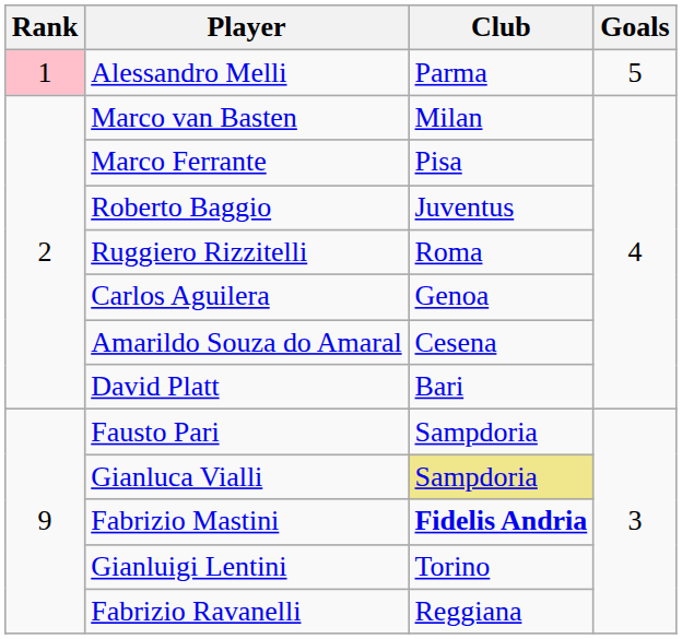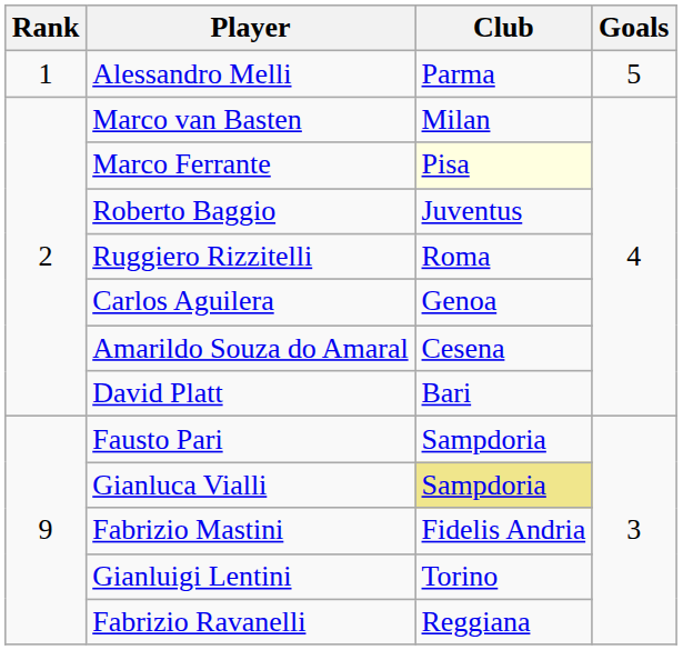 <table class="wikitable sortable" style="text-align:center">
 <tr>
 <th>Rank</th>
 <th>Player</th>
 <th>Club</th>
 <th>Goals</th>
 </tr>
 <tr>
-<td style="background: pink;">1</td>
+<td>1</td>
 <td align="left"><strong></strong> <a href='#'>Alessandro Melli</a></td>
 <td align="left"><a href='#'>Parma</a></td>
 <td>5</td>
 </tr>
 <tr>
 <td rowspan="7">2</td>
 <td align="left"><strong></strong> <a href='#'>Marco van Basten</a></td>
 <td align="left"><a href='#'>Milan</a></td>
 <td rowspan="7">4</td>
 </tr>
 <tr>
 <td align="left"><strong></strong> <a href='#'>Marco Ferrante</a></td>
-<td align="left"><a href='#'>Pisa</a></td>
+<td align="left" style="background: lightyellow;"><a href='#'>Pisa</a></td>
 </tr>
 <tr>
 <td align="left"><strong></strong> <a href='#'>Roberto Baggio</a></td>
 <td align="left"><a href='#'>Juventus</a></td>
 </tr>
 <tr>
 <td align="left"><strong></strong> <a href='#'>Ruggiero Rizzitelli</a></td>
 <td align="left"><a href='#'>Roma</a></td>
 </tr>
 <tr>
 <td align="left"><strong></strong> <a href='#'>Carlos Aguilera</a></td>
 <td align="left"><a href='#'>Genoa</a></td>
 </tr>
 <tr>
 <td align="left"><strong></strong> <a href='#'>Amarildo Souza do Amaral</a></td>
 <td align="left"><a href='#'>Cesena</a></td>
 </tr>
 <tr>
 <td align="left"><strong></strong> <a href='#'>David Platt</a></td>
 <td align="left"><a href='#'>Bari</a></td>
 </tr>
 <tr>
 <td rowspan="5">9</td>
 <td align="left"><strong></strong> <a href='#'>Fausto Pari</a></td>
 <td align="left"><a href='#'>Sampdoria</a></td>
 <td rowspan="5">3</td>
 </tr>
 <tr>
 <td align="left"><strong></strong> <a href='#'>Gianluca Vialli</a></td>
 <td align="left" style="background: khaki;"><a href='#'>Sampdoria</a></td>
 </tr>
 <tr>
 <td align="left"><strong></strong> <a href='#'>Fabrizio Mastini</a></td>
-<td align="left"><strong><a href='#'>Fidelis Andria</a></strong></td>
+<td align="left"><a href='#'>Fidelis Andria</a></td>
 </tr>
 <tr>
 <td align="left"><strong></strong> <a href='#'>Gianluigi Lentini</a></td>
 <td align="left"><a href='#'>Torino</a></td>
 </tr>
 <tr>
 <td align="left"><strong></strong> <a href='#'>Fabrizio Ravanelli</a></td>
 <td align="left"><a href='#'>Reggiana</a></td>
 </tr>
 </table>
